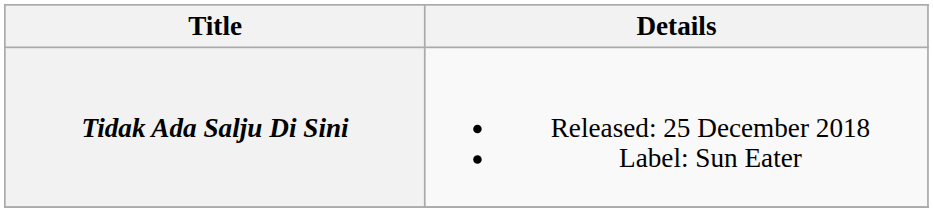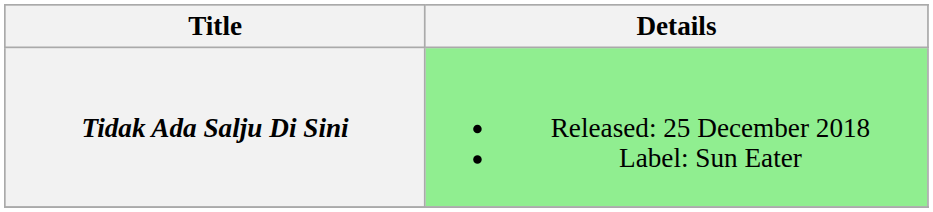 <table class="wikitable plainrowheaders" style="text-align:center;">
 <tr>
 <th scope="col" style="width:15em;">Title</th>
 <th scope="col" style="width:18em;">Details</th>
 </tr>
 <tr>
 <th scope="row"><em>Tidak Ada Salju Di Sini</em><br></th>
-<td><br><ul><li>Released: 25 December 2018</li><li>Label: Sun Eater</li></ul></td>
+<td style="background: lightgreen;"><br><ul><li>Released: 25 December 2018</li><li>Label: Sun Eater</li></ul></td>
 </tr>
 <tr>
 </tr>
 </table>
